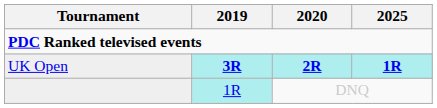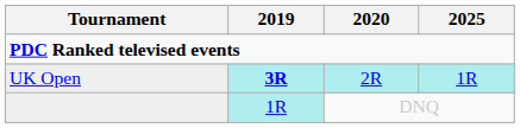 <table class="wikitable" style="width:50%; margin:0">
 <tr>
 <th>Tournament</th>
 <th>2019</th>
 <th>2020</th>
 <th>2025</th>
 </tr>
 <tr>
 <td colspan="5" align="left"><strong><a href='#'>PDC</a> Ranked televised events</strong></td>
 </tr>
 <tr>
 <td style="background:#efefef;"><a href='#'>UK Open</a></td>
 <td style="text-align:center; background:#afeeee;"><strong><a href='#'>3R</a></strong></td>
-<td style="text-align:center; background:#afeeee;"><strong><a href='#'>2R</a></strong></td>
-<td style="text-align:center; background:#afeeee;"><strong><a href='#'>1R</a></strong></td>
+<td style="text-align:center; background:#afeeee;"><a href='#'>2R</a></td>
+<td style="text-align:center; background:#afeeee;"><a href='#'>1R</a></td>
 </tr>
 <tr>
 <td style="background:#efefef;"></td>
 <td style="text-align:center; background:#afeeee;"><a href='#'>1R</a></td>
 <td colspan="2" style="text-align:center; color:#ccc;">DNQ</td>
 </tr>
 </table>
